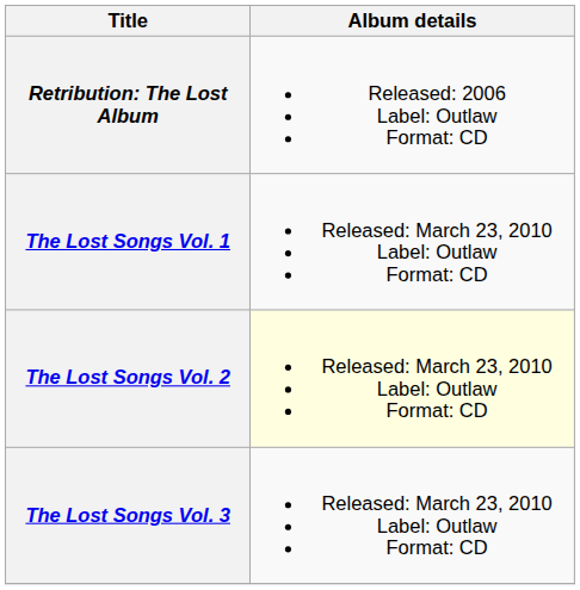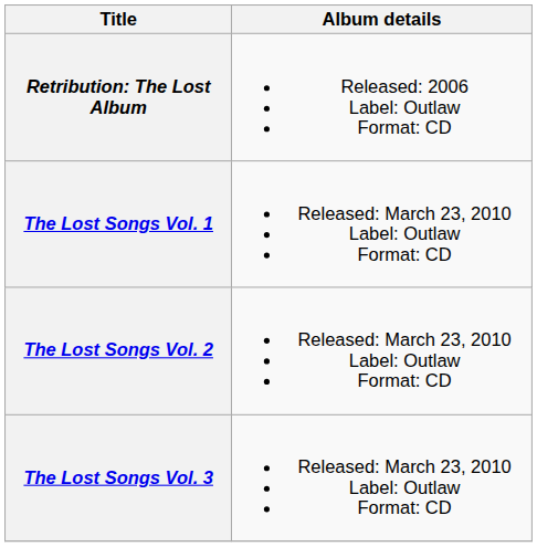 <table class="wikitable plainrowheaders" style="text-align:center;">
 <tr>
 <th scope="col" rowspan="1" style="width:12em;">Title</th>
 <th scope="col" rowspan="1" style="width:16em;">Album details</th>
 </tr>
 <tr>
 <th scope="row"><em>Retribution: The Lost Album</em></th>
 <td><br><ul><li>Released: 2006</li><li>Label: Outlaw</li><li>Format: CD</li></ul></td>
 </tr>
 <tr>
 <th scope="row"><em><a href='#'>The Lost Songs Vol. 1</a></em></th>
 <td><br><ul><li>Released: March 23, 2010</li><li>Label: Outlaw</li><li>Format: CD</li></ul></td>
 </tr>
 <tr>
 <th scope="row"><em><a href='#'>The Lost Songs Vol. 2</a></em></th>
-<td style="background: lightyellow;"><br><ul><li>Released: March 23, 2010</li><li>Label: Outlaw</li><li>Format: CD</li></ul></td>
+<td><br><ul><li>Released: March 23, 2010</li><li>Label: Outlaw</li><li>Format: CD</li></ul></td>
 </tr>
 <tr>
 <th scope="row"><em><a href='#'>The Lost Songs Vol. 3</a></em></th>
 <td><br><ul><li>Released: March 23, 2010</li><li>Label: Outlaw</li><li>Format: CD</li></ul></td>
 </tr>
 <tr>
 </tr>
 </table>
